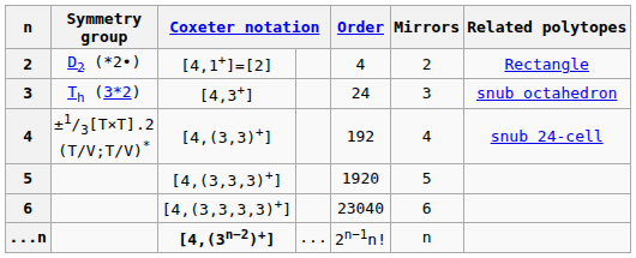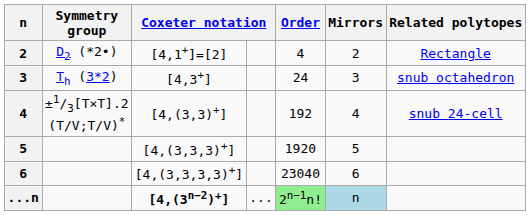 <table class="wikitable">
 <tr>
 <th>n</th>
 <th>Symmetry<br>group</th>
 <th colspan=2><a href='#'>Coxeter notation</a></th>
 <th><a href='#'>Order</a></th>
 <th>Mirrors</th>
 <th>Related polytopes</th>
 </tr>
 <tr align=center>
 <th>2</th>
 <td><a href='#'>D<sub>2</sub></a> (*2•)</td>
 <td>[4,1<sup>+</sup>]=[2]</td>
 <td></td>
 <td>4</td>
 <td>2</td>
 <td><a href='#'>Rectangle</a></td>
 </tr>
 <tr align=center>
 <th>3</th>
 <td><a href='#'>T<sub>h</sub></a> (<a href='#'>3*2</a>)</td>
 <td>[4,3<sup>+</sup>]</td>
 <td></td>
 <td>24</td>
 <td>3</td>
 <td><a href='#'>snub octahedron</a></td>
 </tr>
 <tr align=center>
 <th>4</th>
 <td>±<sup>1</sup>/<sub>3</sub>[T×T].2 <br>(T/V;T/V)<sup>*</sup> </td>
 <td>[4,(3,3)<sup>+</sup>]</td>
 <td></td>
 <td>192</td>
 <td>4</td>
 <td><a href='#'>snub 24-cell</a></td>
 </tr>
 <tr align=center>
 <th>5</th>
 <td> </td>
 <td>[4,(3,3,3)<sup>+</sup>]</td>
 <td></td>
 <td>1920</td>
 <td>5</td>
 <td></td>
 </tr>
 <tr align=center>
 <th>6</th>
 <td> </td>
 <td>[4,(3,3,3,3)<sup>+</sup>]</td>
 <td></td>
 <td>23040</td>
 <td>6</td>
 <td></td>
 </tr>
 <tr align=center>
 <th>...n</th>
 <td> </td>
 <td><strong>[4,(3<sup>n−2</sup>)<sup>+</sup>]</strong></td>
 <td>...</td>
-<td>2<sup>n−1</sup>n!</td>
-<td>n</td>
+<td style="background: lightgreen;">2<sup>n−1</sup>n!</td>
+<td style="background: lightblue;">n</td>
 <td></td>
 </tr>
 </table>
